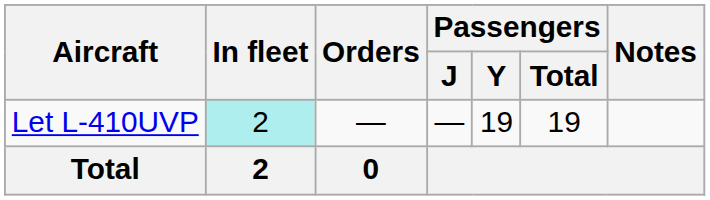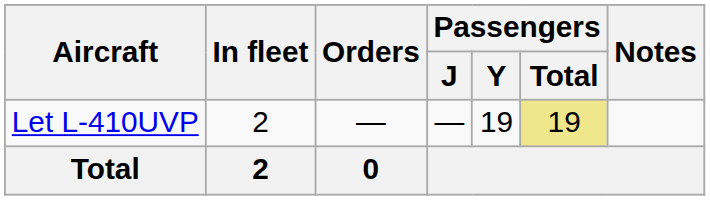 <table class="wikitable" style="border-collapse:collapse;text-align:center">
 <tr>
 <th rowspan="2">Aircraft</th>
 <th rowspan="2">In fleet</th>
 <th rowspan="2">Orders</th>
 <th colspan="3">Passengers</th>
 <th rowspan="2">Notes</th>
 </tr>
 <tr>
 <th><abbr>J</abbr></th>
 <th><abbr>Y</abbr></th>
 <th>Total</th>
 </tr>
 <tr>
 <td><a href='#'>Let L-410UVP</a></td>
-<td style="background: paleturquoise;">2</td>
+<td>2</td>
 <td>—</td>
 <td>—</td>
 <td>19</td>
-<td>19</td>
+<td style="background: khaki;">19</td>
 <td></td>
 </tr>
 <tr>
 <th>Total</th>
 <th>2</th>
 <th>0</th>
 <th colspan="4"></th>
 </tr>
 </table>
